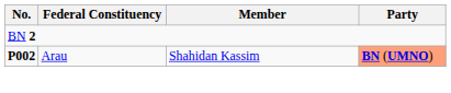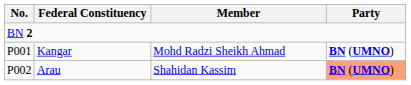 <table class="wikitable sortable">
 <tr>
 <th style="width:30px;">No.</th>
 <th style="width:150px;">Federal Constituency</th>
 <th style="width:230px;">Member</th>
 <th style="width:100px;">Party</th>
 </tr>
 <tr>
 <td colspan="4"><a href='#'>BN</a> <strong>2</strong></td>
 </tr>
 <tr>
-<td><strong>P002</strong></td>
+<td>P001</td>
+<td><a href='#'>Kangar</a></td>
+<td><a href='#'>Mohd Radzi Sheikh Ahmad</a></td>
+<td><strong><a href='#'>BN</a></strong> (<strong><a href='#'>UMNO</a></strong>)</td>
+</tr>
+<tr>
+<td>P002</td>
 <td><a href='#'>Arau</a></td>
 <td><a href='#'>Shahidan Kassim</a></td>
 <td style="background: lightsalmon;"><strong><a href='#'>BN</a></strong> (<strong><a href='#'>UMNO</a></strong>)</td>
 </tr>
 </table>
